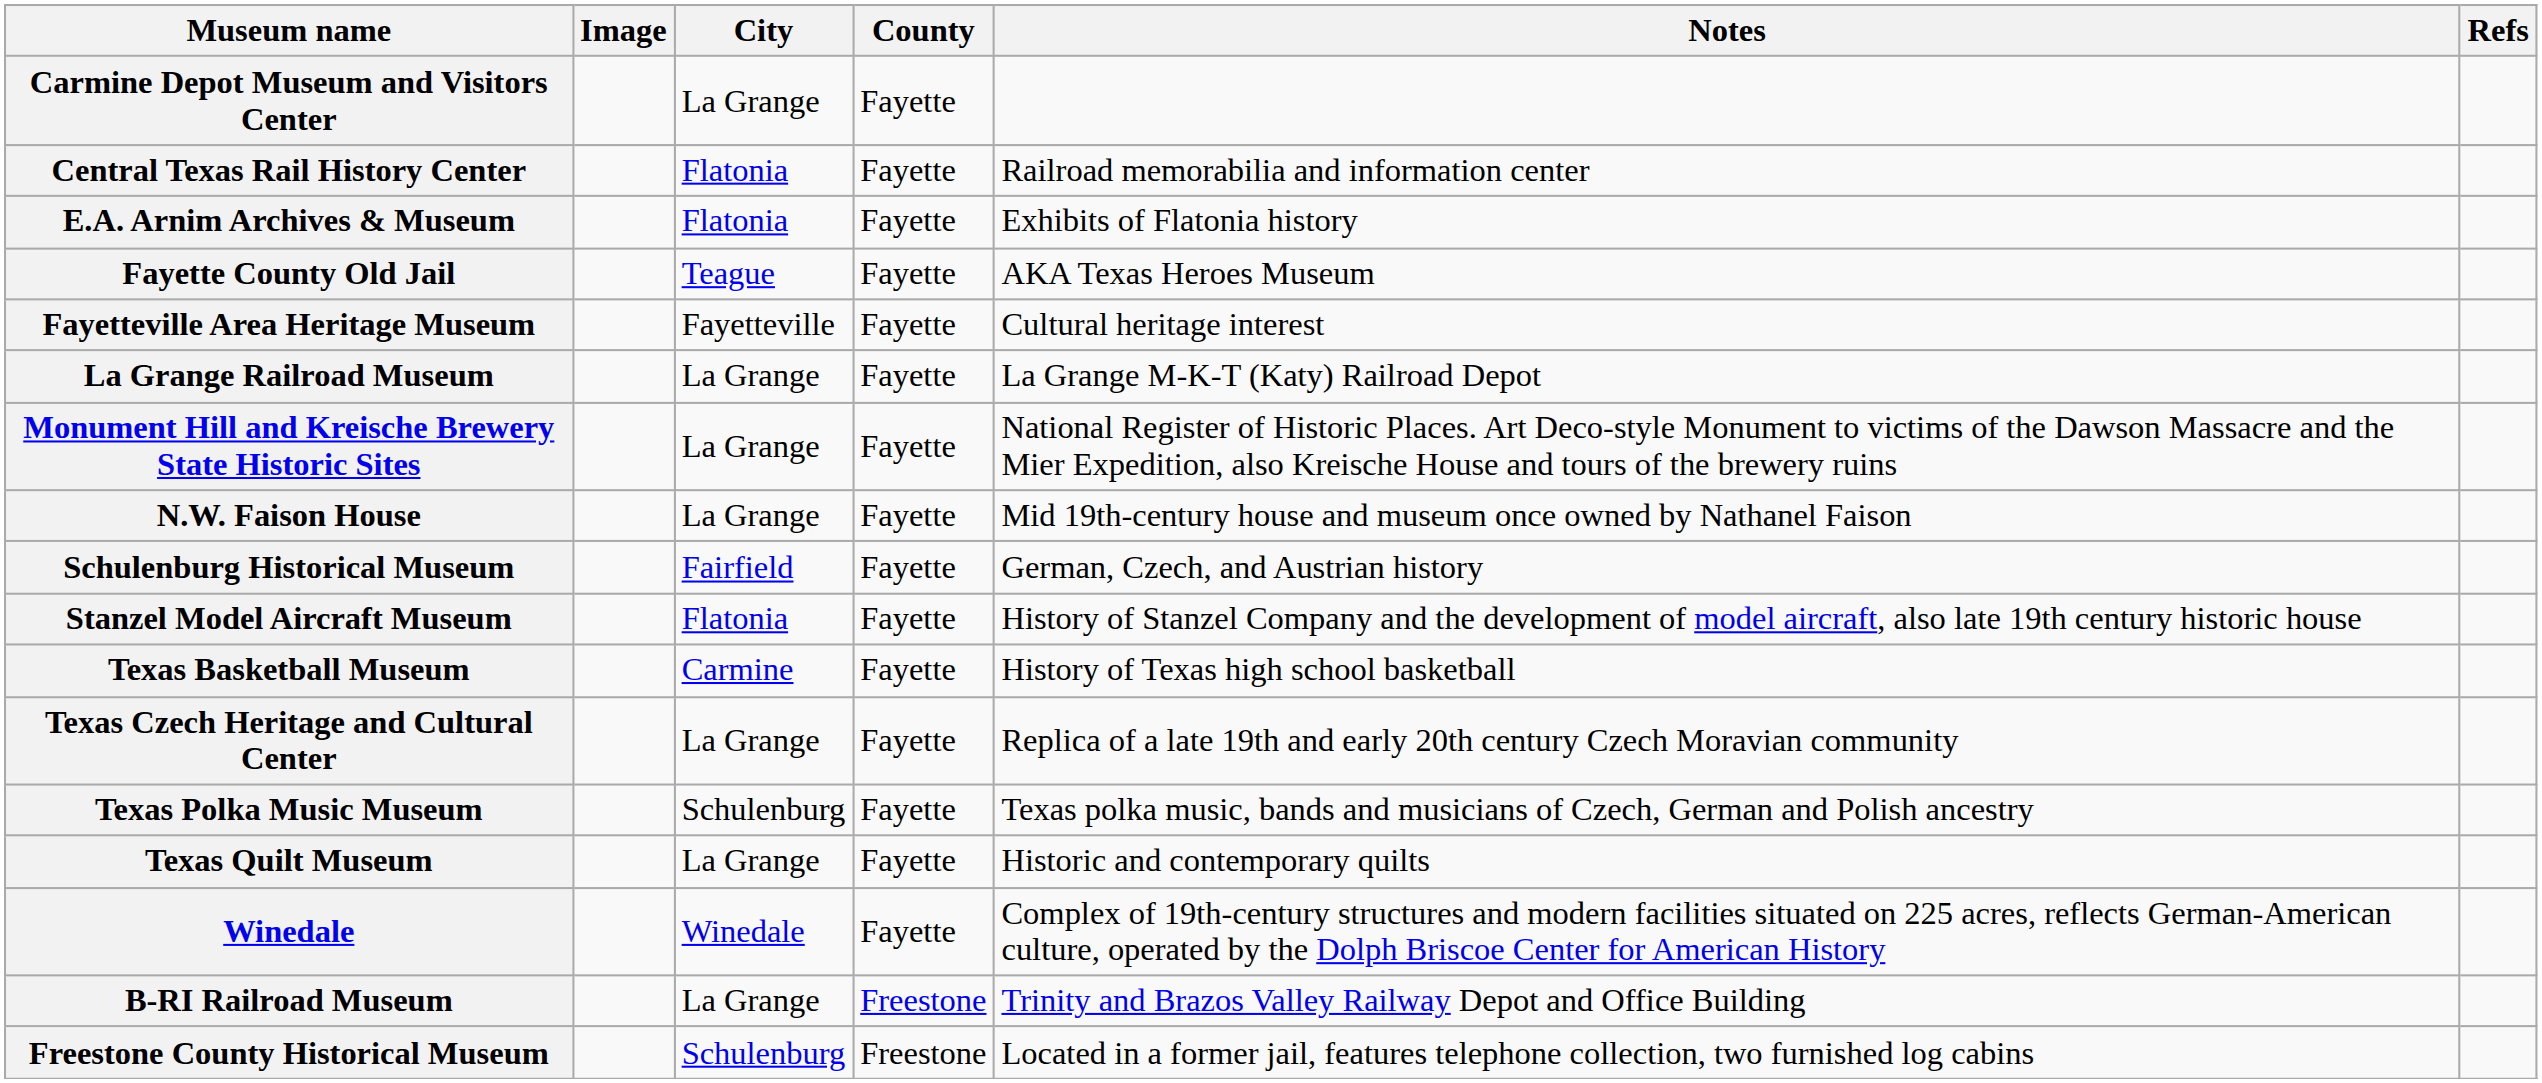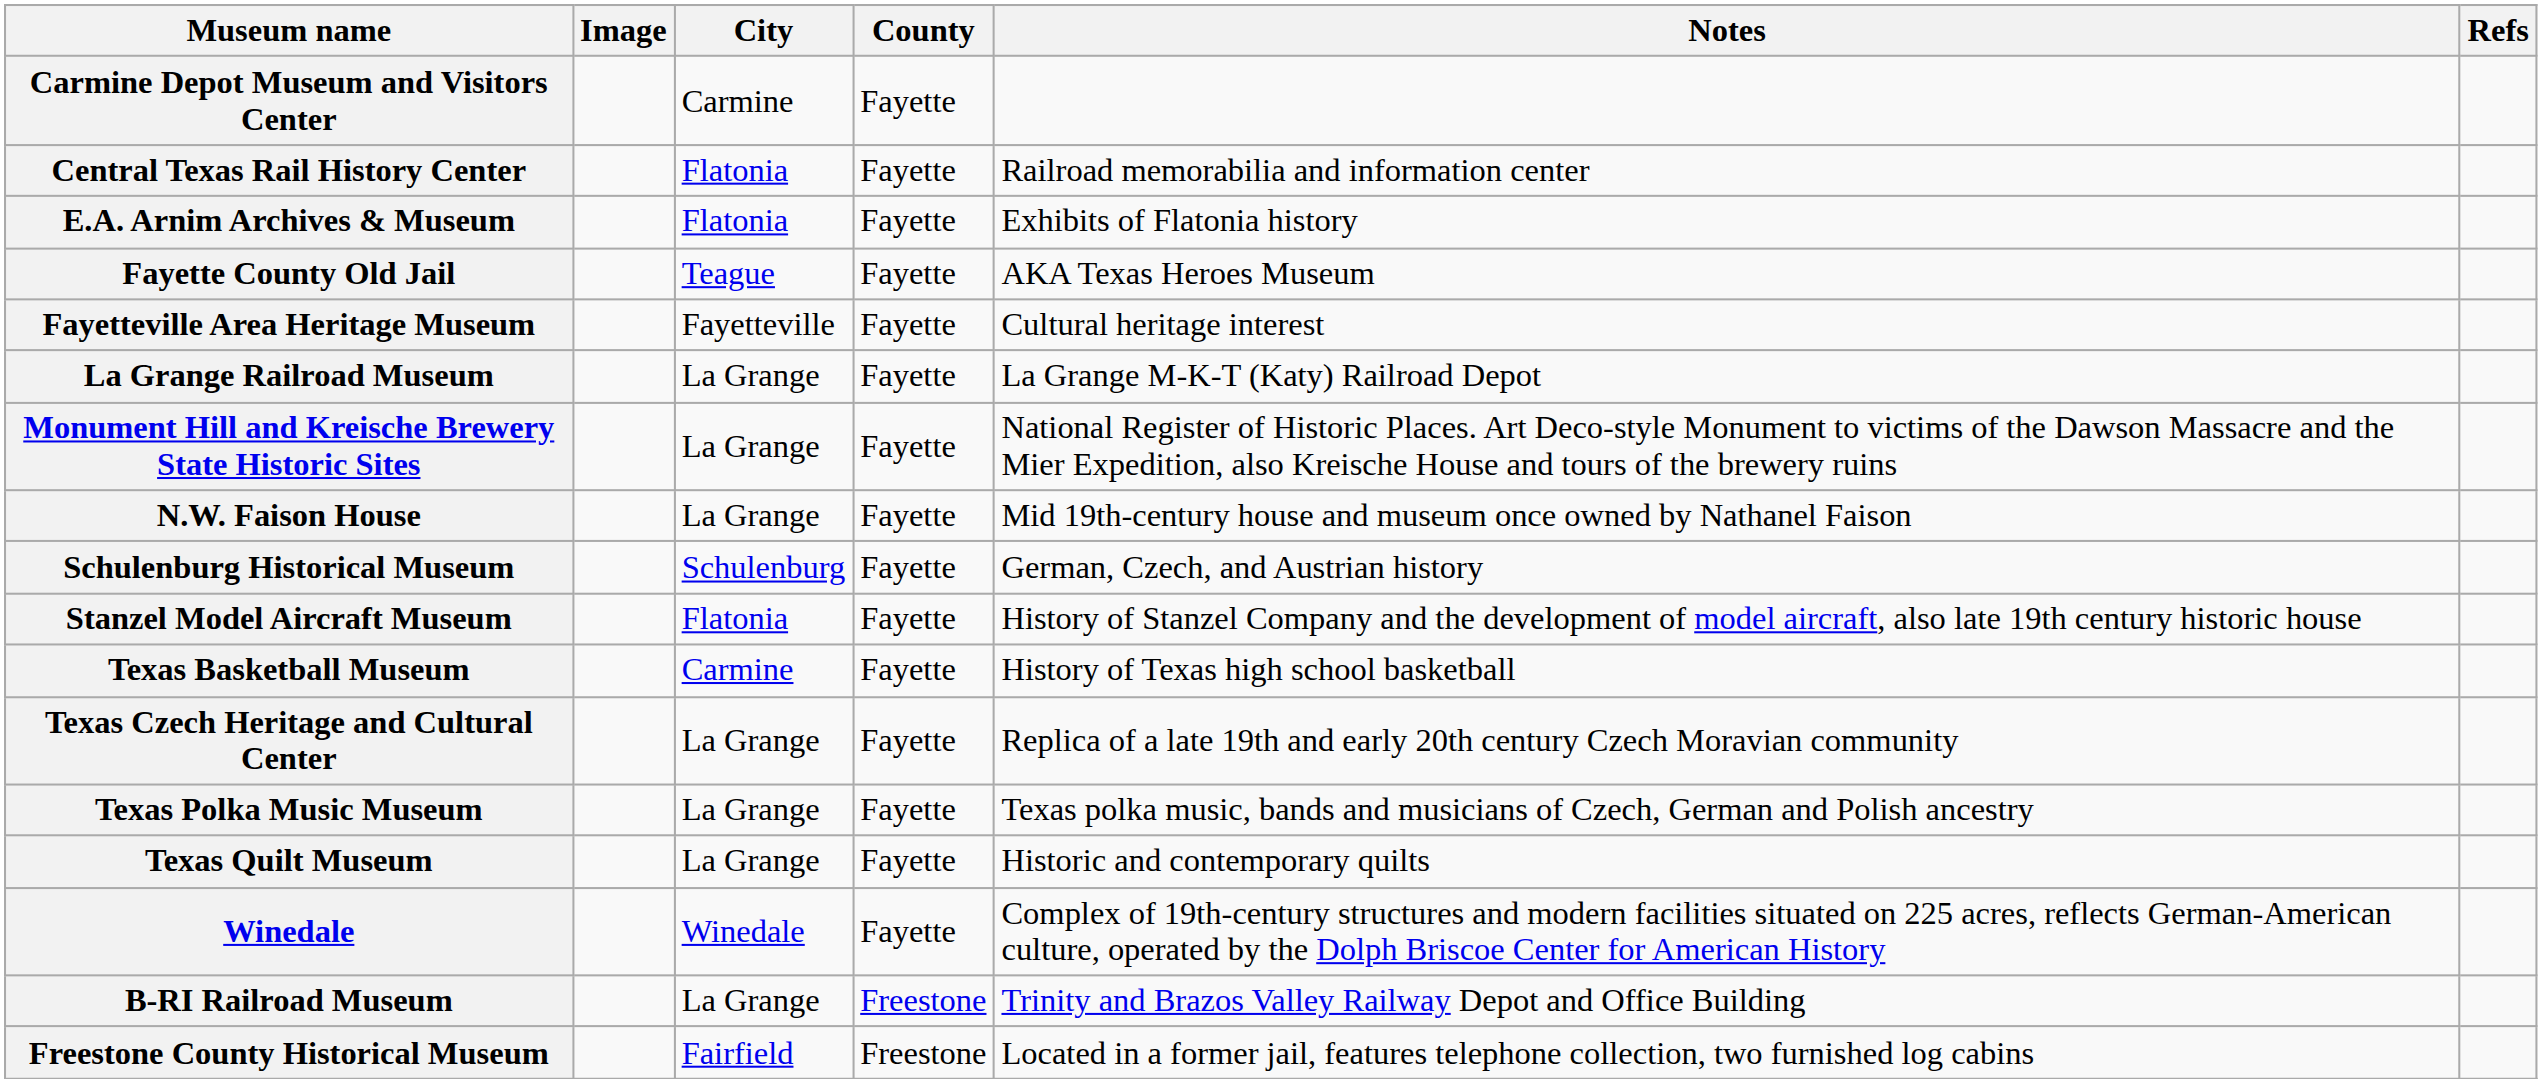 <table class="wikitable sortable plainrowheaders">
 <tr>
 <th scope="col">Museum name</th>
 <th scope="col"  class="unsortable">Image</th>
 <th scope="col">City</th>
 <th scope="col">County</th>
 <th scope="col">Notes</th>
 <th scope="col" class="unsortable">Refs</th>
 </tr>
 <tr>
 <th scope="row">Carmine Depot Museum and Visitors Center</th>
 <td></td>
-<td>La Grange</td>
+<td>Carmine</td>
 <td>Fayette</td>
 <td></td>
 <td align="center"></td>
 </tr>
 <tr>
 <th scope="row">Central Texas Rail History Center</th>
 <td></td>
 <td><a href='#'>Flatonia</a></td>
 <td>Fayette</td>
 <td>Railroad memorabilia and information center</td>
 <td align="center"></td>
 </tr>
 <tr>
 <th scope="row">E.A. Arnim Archives & Museum</th>
 <td></td>
 <td><a href='#'>Flatonia</a></td>
 <td>Fayette</td>
 <td>Exhibits of Flatonia history</td>
 <td align="center"></td>
 </tr>
 <tr>
 <th scope="row">Fayette County Old Jail</th>
 <td></td>
 <td><a href='#'>Teague</a></td>
 <td>Fayette</td>
 <td>AKA Texas Heroes Museum</td>
 <td align="center"></td>
 </tr>
 <tr>
 <th scope="row">Fayetteville Area Heritage Museum</th>
 <td></td>
 <td>Fayetteville</td>
 <td>Fayette</td>
 <td>Cultural heritage interest</td>
 <td align="center"></td>
 </tr>
 <tr>
 <th scope="row">La Grange Railroad Museum</th>
 <td></td>
 <td>La Grange</td>
 <td>Fayette</td>
 <td>La Grange M-K-T (Katy) Railroad Depot</td>
 <td align="center"></td>
 </tr>
 <tr>
 <th scope="row"><a href='#'>Monument Hill and Kreische Brewery State Historic Sites</a></th>
 <td></td>
 <td>La Grange</td>
 <td>Fayette</td>
 <td>National Register of Historic Places. Art Deco-style Monument to victims of the Dawson Massacre and the Mier Expedition, also Kreische House and tours of the brewery ruins</td>
 <td align="center"></td>
 </tr>
 <tr>
 <th scope="row">N.W. Faison House</th>
 <td></td>
 <td>La Grange</td>
 <td>Fayette</td>
 <td>Mid 19th-century house and museum once owned by Nathanel Faison</td>
 <td align="center"></td>
 </tr>
 <tr>
 <th scope="row">Schulenburg Historical Museum</th>
 <td></td>
-<td><a href='#'>Fairfield</a></td>
+<td><a href='#'>Schulenburg</a></td>
 <td>Fayette</td>
 <td>German, Czech, and Austrian history</td>
 <td align="center"></td>
 </tr>
 <tr>
 <th scope="row">Stanzel Model Aircraft Museum</th>
 <td></td>
 <td><a href='#'>Flatonia</a></td>
 <td>Fayette</td>
 <td>History of Stanzel Company and the development of <a href='#'>model aircraft</a>, also late 19th century historic house</td>
 <td align="center"></td>
 </tr>
 <tr>
 <th scope="row">Texas Basketball Museum</th>
 <td></td>
 <td><a href='#'>Carmine</a></td>
 <td>Fayette</td>
 <td>History of Texas high school basketball</td>
 <td align="center"></td>
 </tr>
 <tr>
 <th scope="row">Texas Czech Heritage and Cultural Center</th>
 <td></td>
 <td>La Grange</td>
 <td>Fayette</td>
 <td>Replica of a late 19th and early 20th century Czech Moravian community</td>
 <td align="center"></td>
 </tr>
 <tr>
 <th scope="row">Texas Polka Music Museum</th>
 <td></td>
-<td>Schulenburg</td>
+<td>La Grange</td>
 <td>Fayette</td>
 <td>Texas polka music, bands and musicians of Czech, German and Polish ancestry</td>
 <td align="center"></td>
 </tr>
 <tr>
 <th scope="row">Texas Quilt Museum</th>
 <td></td>
 <td>La Grange</td>
 <td>Fayette</td>
 <td>Historic and contemporary quilts</td>
 <td align="center"></td>
 </tr>
 <tr>
 <th scope="row"><a href='#'>Winedale</a></th>
 <td></td>
 <td><a href='#'>Winedale</a></td>
 <td>Fayette</td>
 <td>Complex of 19th-century structures and modern facilities situated on 225 acres, reflects German-American culture, operated by the <a href='#'>Dolph Briscoe Center for American History</a></td>
 <td align="center"></td>
 </tr>
 <tr>
 <th scope="row">B-RI Railroad Museum</th>
 <td></td>
 <td>La Grange</td>
 <td><a href='#'>Freestone</a></td>
 <td><a href='#'>Trinity and Brazos Valley Railway</a> Depot and Office Building</td>
 <td align="center"></td>
 </tr>
 <tr>
 <th scope="row">Freestone County Historical Museum</th>
 <td></td>
-<td><a href='#'>Schulenburg</a></td>
+<td><a href='#'>Fairfield</a></td>
 <td>Freestone</td>
 <td>Located in a former jail, features telephone collection, two furnished log cabins</td>
 <td align="center"></td>
 </tr>
 <tr>
 </tr>
 </table>
